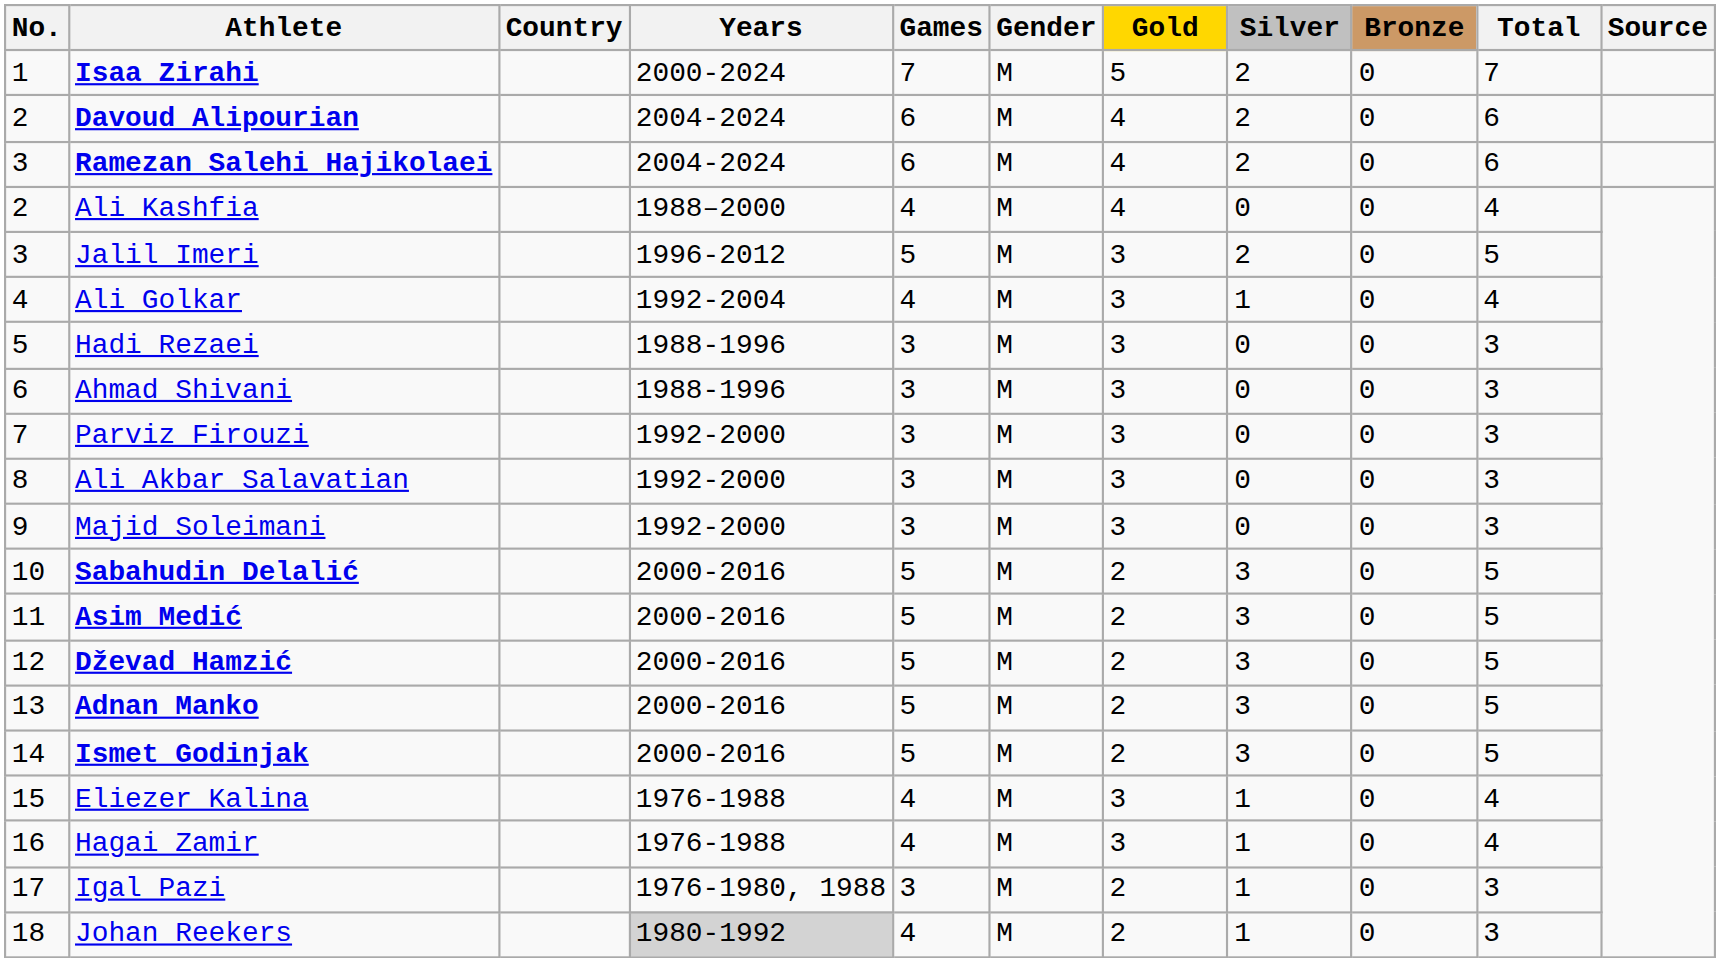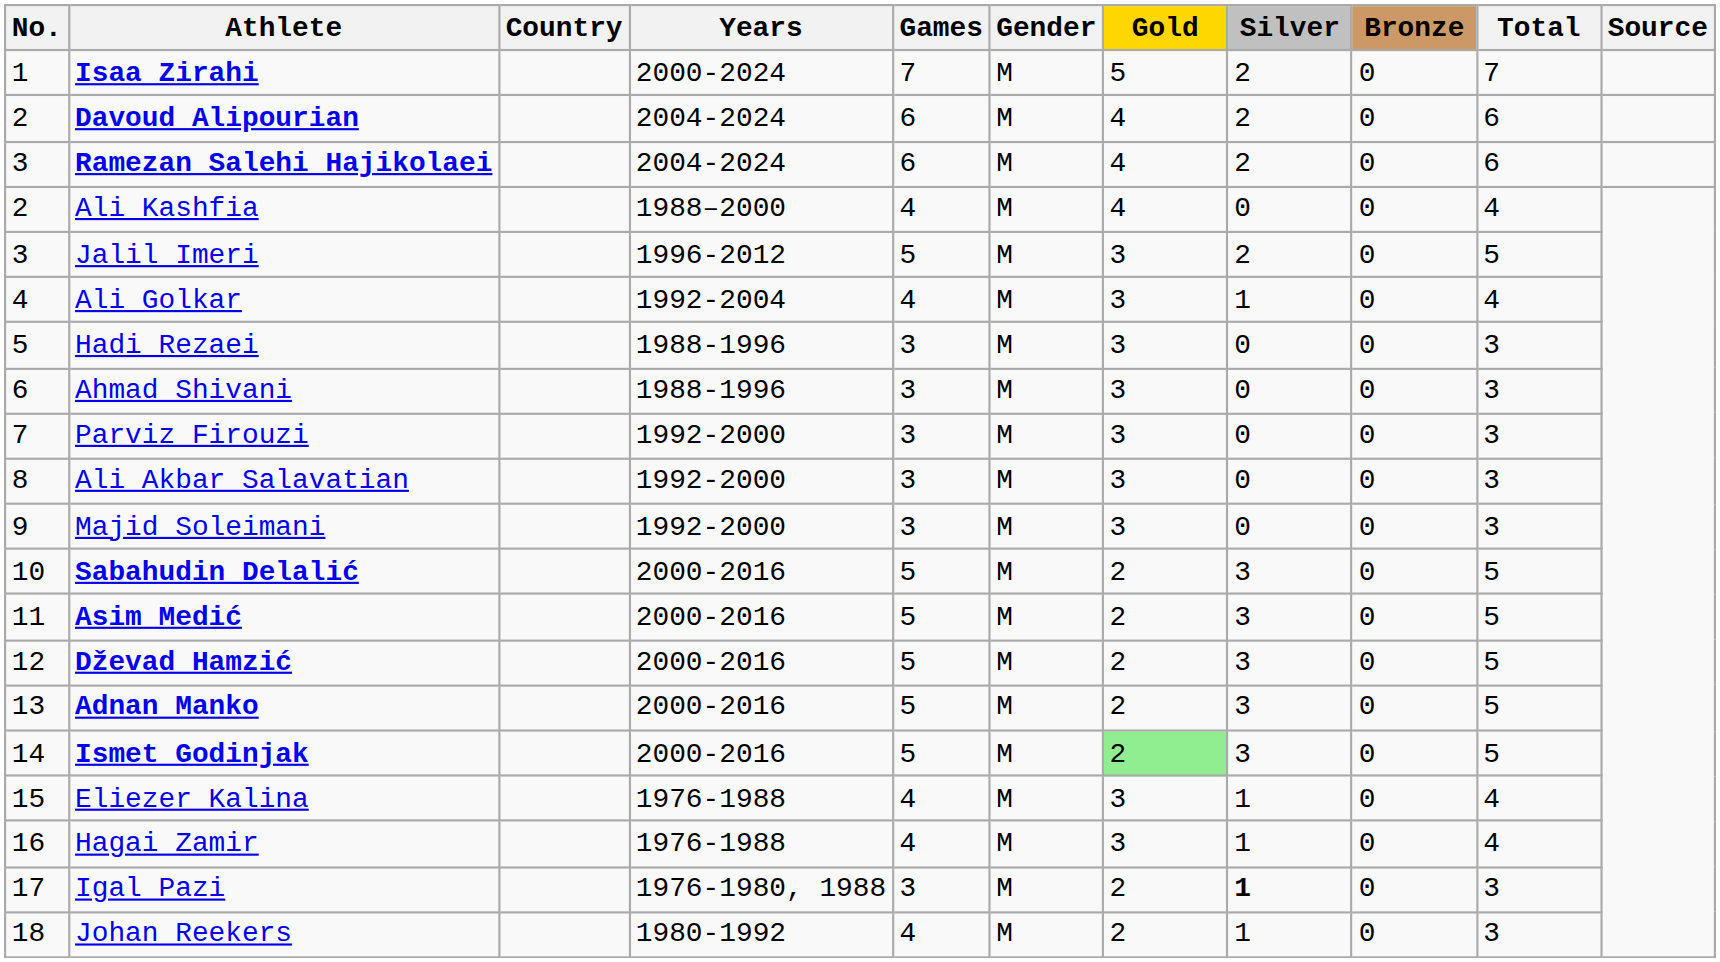 <table class="wikitable sortable">
 <tr>
 <th>No.</th>
 <th>Athlete</th>
 <th>Country</th>
 <th>Years</th>
 <th>Games</th>
 <th>Gender</th>
 <th style="background:gold; width:4.0em; font-weight:bold;">Gold</th>
 <th style="background:silver; width:4.0em; font-weight:bold;">Silver</th>
 <th style="background:#c96; width:4.0em; font-weight:bold;">Bronze</th>
 <th style="width:4.0em;">Total</th>
 <th>Source</th>
 </tr>
 <tr>
 <td>1</td>
 <td><strong><a href='#'>Isaa Zirahi</a></strong></td>
 <td></td>
 <td>2000-2024</td>
 <td>7</td>
 <td>M</td>
 <td>5</td>
 <td>2</td>
 <td>0</td>
 <td>7</td>
 <td></td>
 </tr>
 <tr>
 <td>2</td>
 <td><strong><a href='#'>Davoud Alipourian</a></strong></td>
 <td></td>
 <td>2004-2024</td>
 <td>6</td>
 <td>M</td>
 <td>4</td>
 <td>2</td>
 <td>0</td>
 <td>6</td>
 <td></td>
 </tr>
 <tr>
 <td>3</td>
 <td><strong><a href='#'>Ramezan Salehi Hajikolaei</a></strong></td>
 <td></td>
 <td>2004-2024</td>
 <td>6</td>
 <td>M</td>
 <td>4</td>
 <td>2</td>
 <td>0</td>
 <td>6</td>
 <td></td>
 </tr>
 <tr>
 <td>2</td>
 <td><a href='#'>Ali Kashfia</a></td>
 <td></td>
 <td>1988–2000</td>
 <td>4</td>
 <td>M</td>
 <td>4</td>
 <td>0</td>
 <td>0</td>
 <td>4</td>
 </tr>
 <tr>
 <td>3</td>
 <td><a href='#'>Jalil Imeri</a></td>
 <td></td>
 <td>1996-2012</td>
 <td>5</td>
 <td>M</td>
 <td>3</td>
 <td>2</td>
 <td>0</td>
 <td>5</td>
 </tr>
 <tr>
 <td>4</td>
 <td><a href='#'>Ali Golkar</a></td>
 <td></td>
 <td>1992-2004</td>
 <td>4</td>
 <td>M</td>
 <td>3</td>
 <td>1</td>
 <td>0</td>
 <td>4</td>
 </tr>
 <tr>
 <td>5</td>
 <td><a href='#'>Hadi Rezaei</a></td>
 <td></td>
 <td>1988-1996</td>
 <td>3</td>
 <td>M</td>
 <td>3</td>
 <td>0</td>
 <td>0</td>
 <td>3</td>
 </tr>
 <tr>
 <td>6</td>
 <td><a href='#'>Ahmad Shivani</a></td>
 <td></td>
 <td>1988-1996</td>
 <td>3</td>
 <td>M</td>
 <td>3</td>
 <td>0</td>
 <td>0</td>
 <td>3</td>
 </tr>
 <tr>
 <td>7</td>
 <td><a href='#'>Parviz Firouzi</a></td>
 <td></td>
 <td>1992-2000</td>
 <td>3</td>
 <td>M</td>
 <td>3</td>
 <td>0</td>
 <td>0</td>
 <td>3</td>
 </tr>
 <tr>
 <td>8</td>
 <td><a href='#'>Ali Akbar Salavatian</a></td>
 <td></td>
 <td>1992-2000</td>
 <td>3</td>
 <td>M</td>
 <td>3</td>
 <td>0</td>
 <td>0</td>
 <td>3</td>
 </tr>
 <tr>
 <td>9</td>
 <td><a href='#'>Majid Soleimani</a></td>
 <td></td>
 <td>1992-2000</td>
 <td>3</td>
 <td>M</td>
 <td>3</td>
 <td>0</td>
 <td>0</td>
 <td>3</td>
 </tr>
 <tr>
 <td>10</td>
 <td><strong><a href='#'>Sabahudin Delalić</a></strong></td>
 <td></td>
 <td>2000-2016</td>
 <td>5</td>
 <td>M</td>
 <td>2</td>
 <td>3</td>
 <td>0</td>
 <td>5</td>
 </tr>
 <tr>
 <td>11</td>
 <td><strong><a href='#'>Asim Medić</a></strong></td>
 <td></td>
 <td>2000-2016</td>
 <td>5</td>
 <td>M</td>
 <td>2</td>
 <td>3</td>
 <td>0</td>
 <td>5</td>
 </tr>
 <tr>
 <td>12</td>
 <td><strong><a href='#'>Dževad Hamzić</a></strong></td>
 <td></td>
 <td>2000-2016</td>
 <td>5</td>
 <td>M</td>
 <td>2</td>
 <td>3</td>
 <td>0</td>
 <td>5</td>
 </tr>
 <tr>
 <td>13</td>
 <td><strong><a href='#'>Adnan Manko</a></strong></td>
 <td></td>
 <td>2000-2016</td>
 <td>5</td>
 <td>M</td>
 <td>2</td>
 <td>3</td>
 <td>0</td>
 <td>5</td>
 </tr>
 <tr>
 <td>14</td>
 <td><strong><a href='#'>Ismet Godinjak</a></strong></td>
 <td></td>
 <td>2000-2016</td>
 <td>5</td>
 <td>M</td>
-<td>2</td>
+<td style="background: lightgreen;">2</td>
 <td>3</td>
 <td>0</td>
 <td>5</td>
 </tr>
 <tr>
 <td>15</td>
 <td><a href='#'>Eliezer Kalina</a></td>
 <td></td>
 <td>1976-1988</td>
 <td>4</td>
 <td>M</td>
 <td>3</td>
 <td>1</td>
 <td>0</td>
 <td>4</td>
 </tr>
 <tr>
 <td>16</td>
 <td><a href='#'>Hagai Zamir</a></td>
 <td></td>
 <td>1976-1988</td>
 <td>4</td>
 <td>M</td>
 <td>3</td>
 <td>1</td>
 <td>0</td>
 <td>4</td>
 </tr>
 <tr>
 <td>17</td>
 <td><a href='#'>Igal Pazi</a></td>
 <td></td>
 <td>1976-1980, 1988</td>
 <td>3</td>
 <td>M</td>
 <td>2</td>
-<td>1</td>
+<td><strong>1</strong></td>
 <td>0</td>
 <td>3</td>
 </tr>
 <tr>
 <td>18</td>
 <td><a href='#'>Johan Reekers</a></td>
 <td></td>
-<td style="background: lightgrey;">1980-1992</td>
+<td>1980-1992</td>
 <td>4</td>
 <td>M</td>
 <td>2</td>
 <td>1</td>
 <td>0</td>
 <td>3</td>
 </tr>
 </table>
